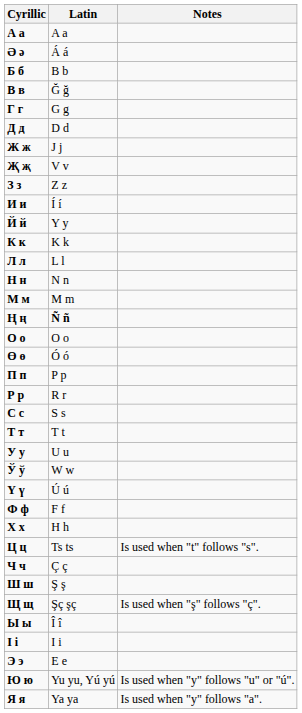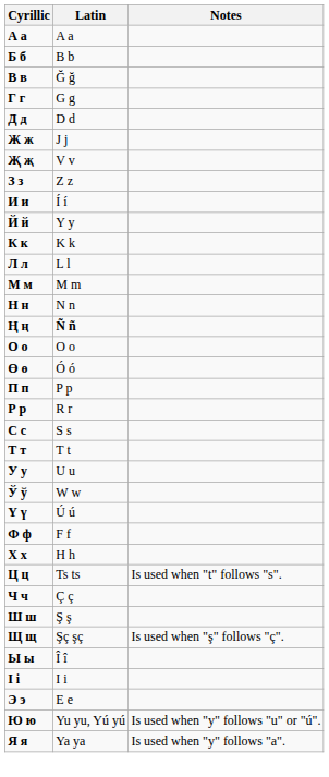 <table class="wikitable sortable" style="font-feature-settings:'cv50' 1;">
 <tr>
 <th><strong>Cyrillic</strong></th>
 <th><strong>Latin</strong></th>
 <th><strong>Notes</strong></th>
 </tr>
 <tr>
 <td><strong>А а</strong></td>
 <td>A a</td>
-<td></td>
-</tr>
-<tr>
-<td><strong>Ә ә</strong></td>
-<td>Á á</td>
 <td></td>
 </tr>
 <tr>
 <td><strong>Б б</strong></td>
 <td>B b</td>
 <td></td>
 </tr>
 <tr>
 <td><strong>В в</strong></td>
 <td>Ğ ğ</td>
 <td></td>
 </tr>
 <tr>
 <td><strong>Г г</strong></td>
 <td>G g</td>
 <td></td>
 </tr>
 <tr>
 <td><strong>Д д</strong></td>
 <td>D d</td>
 <td></td>
 </tr>
 <tr>
 <td><strong>Ж ж</strong></td>
 <td>J j</td>
 <td></td>
 </tr>
 <tr>
 <td><strong>Җ җ</strong></td>
 <td>V v</td>
 <td></td>
 </tr>
 <tr>
 <td><strong>З з</strong></td>
 <td>Z z</td>
 <td></td>
 </tr>
 <tr>
 <td><strong>И и</strong></td>
 <td>Í í</td>
 <td></td>
 </tr>
 <tr>
 <td><strong>Й й</strong></td>
 <td>Y y</td>
 <td></td>
 </tr>
 <tr>
 <td><strong>К к</strong></td>
 <td>K k</td>
 <td></td>
 </tr>
 <tr>
 <td><strong>Л л</strong></td>
 <td>L l</td>
 <td></td>
 </tr>
 <tr>
-<td><strong>Н н</strong></td>
-<td>N n</td>
+<td><strong>М м</strong></td>
+<td>M m</td>
 <td></td>
 </tr>
 <tr>
-<td><strong>М м</strong></td>
-<td>M m</td>
+<td><strong>Н н</strong></td>
+<td>N n</td>
 <td></td>
 </tr>
 <tr>
 <td><strong>Ң ң</strong></td>
 <td><strong>Ñ ñ</strong></td>
 <td></td>
 </tr>
 <tr>
 <td><strong>О о</strong></td>
 <td>O o</td>
 <td></td>
 </tr>
 <tr>
 <td><strong>Ө ө</strong></td>
 <td>Ó ó</td>
 <td></td>
 </tr>
 <tr>
 <td><strong>П п</strong></td>
 <td>P p</td>
 <td></td>
 </tr>
 <tr>
 <td><strong>Р р</strong></td>
 <td>R r</td>
 <td></td>
 </tr>
 <tr>
 <td><strong>С с</strong></td>
 <td>S s</td>
 <td></td>
 </tr>
 <tr>
 <td><strong>Т т</strong></td>
 <td>T t</td>
 <td></td>
 </tr>
 <tr>
 <td><strong>У у</strong></td>
 <td>U u</td>
 <td></td>
 </tr>
 <tr>
 <td><strong>Ў ў</strong></td>
 <td>W w</td>
 <td></td>
 </tr>
 <tr>
 <td><strong>Ү ү</strong></td>
 <td>Ú ú</td>
 <td></td>
 </tr>
 <tr>
 <td><strong>Ф ф</strong></td>
 <td>F f</td>
 <td></td>
 </tr>
 <tr>
 <td><strong>Х х</strong></td>
 <td>H h</td>
 <td></td>
 </tr>
 <tr>
 <td><strong>Ц ц</strong></td>
 <td>Ts ts</td>
 <td>Is used when "t" follows "s".</td>
 </tr>
 <tr>
 <td><strong>Ч ч</strong></td>
 <td>Ç ç</td>
 <td></td>
 </tr>
 <tr>
 <td><strong>Ш ш</strong></td>
 <td>Ş ş</td>
 <td></td>
 </tr>
 <tr>
 <td><strong>Щ щ</strong></td>
 <td>Şç şç</td>
 <td>Is used when "ş" follows "ç".</td>
 </tr>
 <tr>
 <td><strong>Ы ы</strong></td>
 <td>Î î</td>
 <td></td>
 </tr>
 <tr>
 <td><strong>І і</strong></td>
 <td>I i</td>
 <td></td>
 </tr>
 <tr>
 <td><strong>Э э</strong></td>
 <td>E e</td>
 <td></td>
 </tr>
 <tr>
 <td><strong>Ю ю</strong></td>
 <td>Yu yu, Yú yú</td>
 <td>Is used when "y" follows "u" or "ú".</td>
 </tr>
 <tr>
 <td><strong>Я я</strong></td>
 <td>Ya ya</td>
 <td>Is used when "y" follows "a".</td>
 </tr>
 </table>
